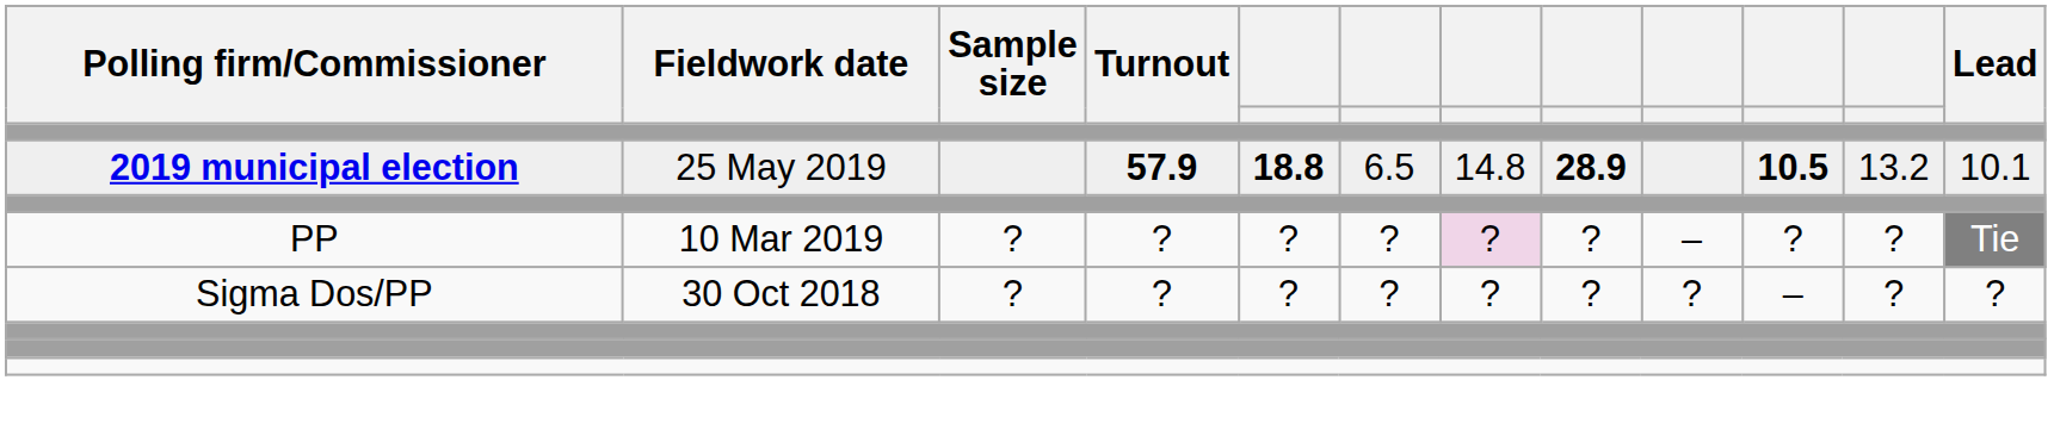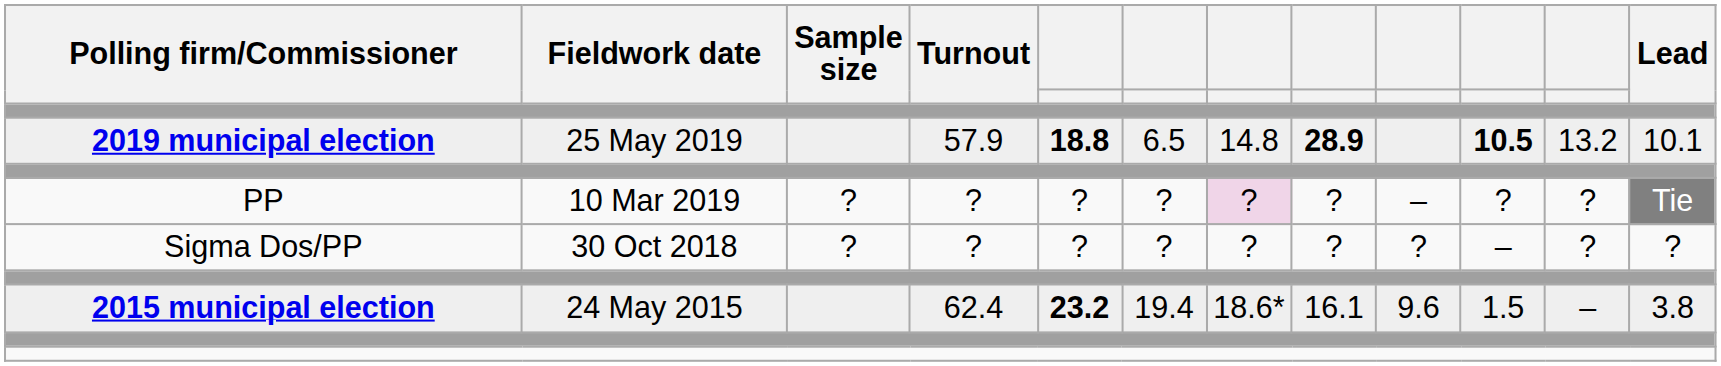 <table class="wikitable collapsible collapsed" style="text-align:center; font-size:95%; line-height:16px;">
 <tr style="height:42px;">
 <th style="width:250px;" rowspan="2">Polling firm/Commissioner</th>
 <th style="width:125px;" rowspan="2">Fieldwork date</th>
 <th style="width:50px;" rowspan="2">Sample size</th>
 <th style="width:45px;" rowspan="2">Turnout</th>
 <th style="width:35px;"></th>
 <th style="width:35px;"></th>
 <th style="width:35px;"></th>
 <th style="width:35px;"></th>
 <th style="width:35px;"></th>
 <th style="width:35px;"></th>
 <th style="width:35px;"></th>
 <th style="width:30px;" rowspan="2">Lead</th>
 </tr>
 <tr>
 <th style="color:inherit;background:"></th>
 <th style="color:inherit;background:"></th>
 <th style="color:inherit;background:"></th>
 <th style="color:inherit;background:"></th>
 <th style="color:inherit;background:"></th>
 <th style="color:inherit;background:"></th>
 <th style="color:inherit;background:"></th>
 </tr>
 <tr>
 <td colspan="12" style="background:#A0A0A0"></td>
 </tr>
 <tr style="background:#EFEFEF;">
 <td><strong><a href='#'>2019 municipal election</a></strong></td>
 <td>25 May 2019</td>
 <td></td>
-<td><strong>57.9</strong></td>
+<td>57.9</td>
 <td><strong>18.8<br></strong></td>
 <td>6.5<br></td>
 <td>14.8<br></td>
 <td><strong>28.9</strong><br></td>
 <td></td>
 <td><strong>10.5<br></strong></td>
 <td>13.2<br></td>
 <td style="background:">10.1</td>
 </tr>
 <tr>
 <td colspan="12" style="background:#A0A0A0"></td>
 </tr>
 <tr>
 <td>PP</td>
 <td>10 Mar 2019</td>
 <td>?</td>
 <td>?</td>
 <td>?<br></td>
 <td>?<br></td>
 <td style="background:#F0D5E8;">?<br></td>
 <td>?<br></td>
 <td>–</td>
 <td>?<br></td>
 <td>?<br></td>
 <td style="background:gray; color:white;">Tie</td>
 </tr>
 <tr>
 <td>Sigma Dos/PP</td>
 <td>30 Oct 2018</td>
 <td>?</td>
 <td>?</td>
 <td>?<br></td>
 <td>?<br></td>
 <td>?<br></td>
 <td>?<br></td>
 <td>?<br></td>
 <td>–</td>
 <td>?<br></td>
 <td style="background:">?</td>
 </tr>
 <tr>
 <td colspan="12" style="background:#A0A0A0"></td>
 </tr>
+<tr style="background:#EFEFEF;">
+<td><strong><a href='#'>2015 municipal election</a></strong></td>
+<td>24 May 2015</td>
+<td></td>
+<td>62.4</td>
+<td><strong>23.2</strong><br></td>
+<td>19.4<br></td>
+<td>18.6*<br></td>
+<td>16.1<br></td>
+<td>9.6<br></td>
+<td>1.5<br></td>
+<td>–</td>
+<td style="background:">3.8</td>
+</tr>
 <tr>
 <td colspan="12" style="background:#A0A0A0"></td>
 </tr>
 <tr>
 <td align="left" colspan="12"></td>
 </tr>
 </table>
